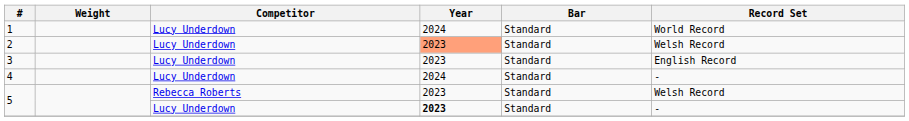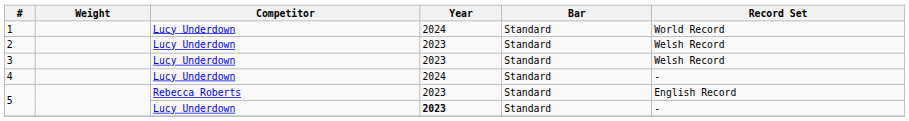 <table class="wikitable sortable" style="display: inline-table;width: 95%;">
 <tr>
 <th>#</th>
 <th>Weight</th>
 <th>Competitor</th>
 <th>Year</th>
 <th>Bar</th>
 <th>Record Set</th>
 </tr>
 <tr>
 <td>1</td>
 <td></td>
 <td> <a href='#'>Lucy Underdown</a></td>
 <td>2024</td>
 <td>Standard</td>
 <td>World Record</td>
 </tr>
 <tr>
 <td>2</td>
 <td></td>
 <td> <a href='#'>Lucy Underdown</a></td>
-<td style="background: lightsalmon;">2023</td>
+<td>2023</td>
 <td>Standard</td>
 <td>Welsh Record</td>
 </tr>
 <tr>
 <td>3</td>
 <td></td>
 <td> <a href='#'>Lucy Underdown</a></td>
 <td>2023</td>
 <td>Standard</td>
-<td>English Record</td>
+<td>Welsh Record</td>
 </tr>
 <tr>
 <td>4</td>
 <td></td>
 <td> <a href='#'>Lucy Underdown</a></td>
 <td>2024</td>
 <td>Standard</td>
 <td>-</td>
 </tr>
 <tr>
 <td rowspan="2">5</td>
 <td rowspan="2"></td>
 <td> <a href='#'>Rebecca Roberts</a></td>
 <td>2023</td>
 <td>Standard</td>
-<td>Welsh Record</td>
+<td>English Record</td>
 </tr>
 <tr>
 <td> <a href='#'>Lucy Underdown</a></td>
 <td><strong>2023</strong></td>
 <td>Standard</td>
 <td>-</td>
 </tr>
 <tr>
 </tr>
 </table>
